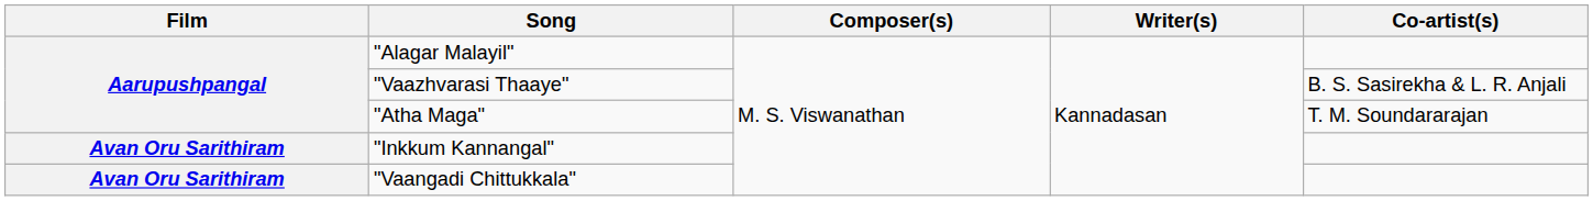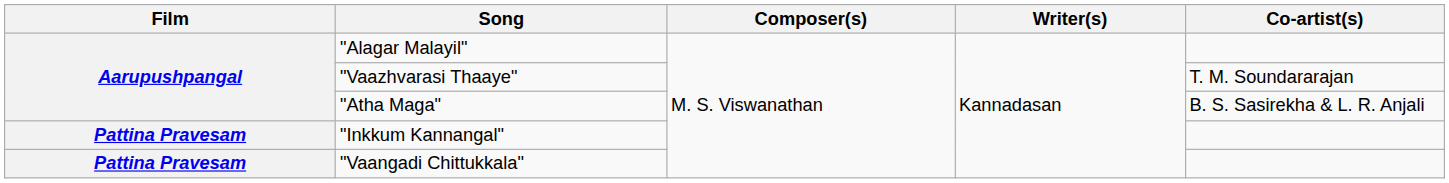 <table class="wikitable plainrowheaders" width="100%" textcolor:#000;">
 <tr style="background:#b0e0e66;">
 <th scope="col" width=23%><strong>Film</strong></th>
 <th scope="col" width=23%><strong>Song</strong></th>
 <th scope="col" width=20%><strong>Composer(s)</strong></th>
 <th scope="col" width=16%><strong>Writer(s)</strong></th>
 <th scope="col" width=18%><strong>Co-artist(s)</strong></th>
 </tr>
 <tr>
 <th rowspan="3"><em><a href='#'>Aarupushpangal</a></em></th>
 <td>"Alagar Malayil"</td>
 <td rowspan="5">M. S. Viswanathan</td>
 <td rowspan="5">Kannadasan</td>
 <td></td>
 </tr>
 <tr>
 <td>"Vaazhvarasi Thaaye"</td>
+<td>T. M. Soundararajan</td>
+</tr>
+<tr>
+<td>"Atha Maga"</td>
 <td>B. S. Sasirekha & L. R. Anjali</td>
 </tr>
 <tr>
-<td>"Atha Maga"</td>
-<td>T. M. Soundararajan</td>
-</tr>
-<tr>
-<th><em><a href='#'>Avan Oru Sarithiram</a></em></th>
+<th><em><a href='#'>Pattina Pravesam</a></em></th>
 <td>"Inkkum Kannangal"</td>
 <td></td>
 </tr>
 <tr>
-<th><em><a href='#'>Avan Oru Sarithiram</a></em></th>
+<th><em><a href='#'>Pattina Pravesam</a></em></th>
 <td>"Vaangadi Chittukkala"</td>
 <td></td>
 </tr>
 </table>
